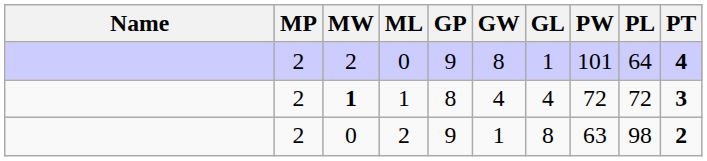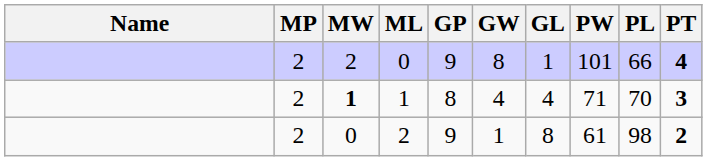 <table class=wikitable style="text-align:center">
 <tr>
 <th width=175>Name</th>
 <th width=20>MP</th>
 <th width=20>MW</th>
 <th width=20>ML</th>
 <th width=20>GP</th>
 <th width=20>GW</th>
 <th width=20>GL</th>
 <th width=20>PW</th>
 <th width=20>PL</th>
 <th width=20>PT</th>
 </tr>
 <tr style="background-color:#ccccff;">
 <td style="text-align:left;"><strong></strong></td>
 <td>2</td>
 <td>2</td>
 <td>0</td>
 <td>9</td>
 <td>8</td>
 <td>1</td>
 <td>101</td>
-<td>64</td>
+<td>66</td>
 <td><strong>4</strong></td>
 </tr>
 <tr>
 <td style="text-align:left;"></td>
 <td>2</td>
 <td><strong>1</strong></td>
 <td>1</td>
 <td>8</td>
 <td>4</td>
 <td>4</td>
-<td>72</td>
-<td>72</td>
+<td>71</td>
+<td>70</td>
 <td><strong>3</strong></td>
 </tr>
 <tr>
 <td style="text-align:left;"></td>
 <td>2</td>
 <td>0</td>
 <td>2</td>
 <td>9</td>
 <td>1</td>
 <td>8</td>
-<td>63</td>
+<td>61</td>
 <td>98</td>
 <td><strong>2</strong></td>
 </tr>
 </table>
